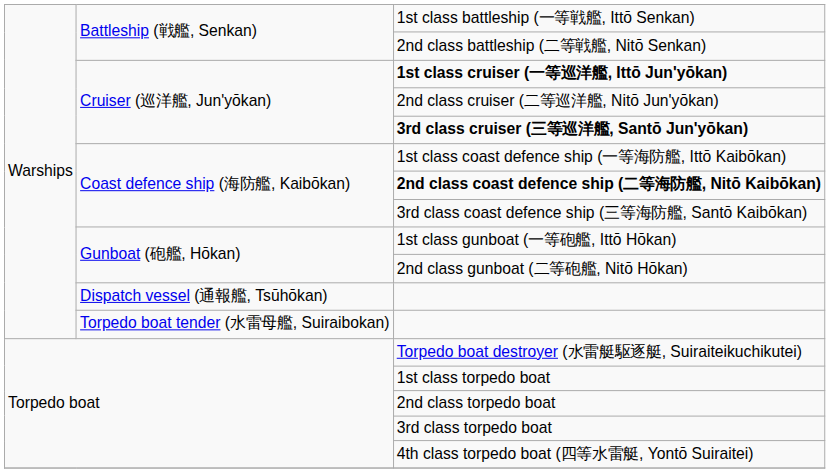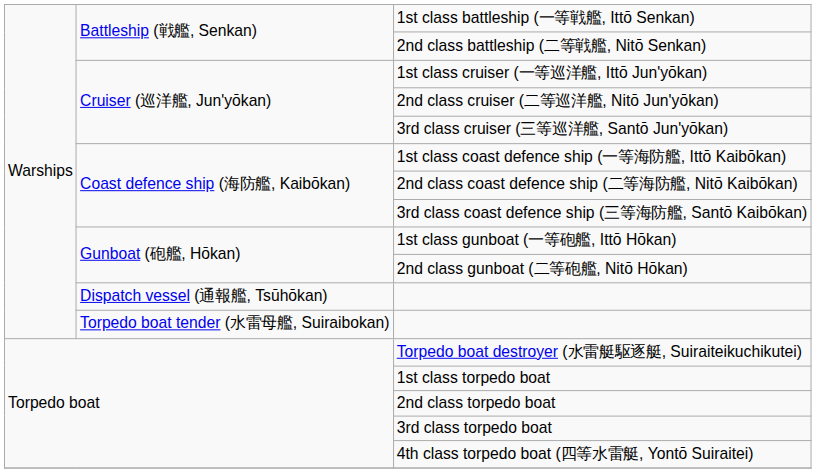 <table class="wikitable">
 <tr>
 <td rowspan="12">Warships</td>
 <td rowspan="2"><a href='#'>Battleship</a> (戦艦, Senkan)</td>
 <td>1st class battleship (一等戦艦, Ittō Senkan)</td>
 </tr>
 <tr>
 <td>2nd class battleship (二等戦艦, Nitō Senkan)</td>
 </tr>
 <tr>
 <td rowspan="3"><a href='#'>Cruiser</a> (巡洋艦, Jun'yōkan)</td>
-<td><strong>1st class cruiser (一等巡洋艦, Ittō Jun'yōkan)</strong></td>
+<td>1st class cruiser (一等巡洋艦, Ittō Jun'yōkan)</td>
 </tr>
 <tr>
 <td>2nd class cruiser (二等巡洋艦, Nitō Jun'yōkan)</td>
 </tr>
 <tr>
-<td><strong>3rd class cruiser (三等巡洋艦, Santō Jun'yōkan)</strong></td>
+<td>3rd class cruiser (三等巡洋艦, Santō Jun'yōkan)</td>
 </tr>
 <tr>
 <td rowspan="3"><a href='#'>Coast defence ship</a> (海防艦, Kaibōkan)</td>
 <td>1st class coast defence ship (一等海防艦, Ittō Kaibōkan)</td>
 </tr>
 <tr>
-<td><strong>2nd class coast defence ship (二等海防艦, Nitō Kaibōkan)</strong></td>
+<td>2nd class coast defence ship (二等海防艦, Nitō Kaibōkan)</td>
 </tr>
 <tr>
 <td>3rd class coast defence ship (三等海防艦, Santō Kaibōkan)</td>
 </tr>
 <tr>
 <td rowspan="2"><a href='#'>Gunboat</a> (砲艦, Hōkan)</td>
 <td>1st class gunboat (一等砲艦, Ittō Hōkan)</td>
 </tr>
 <tr>
 <td>2nd class gunboat (二等砲艦, Nitō Hōkan)</td>
 </tr>
 <tr>
 <td><a href='#'>Dispatch vessel</a> (通報艦, Tsūhōkan)</td>
 <td></td>
 </tr>
 <tr>
 <td><a href='#'>Torpedo boat tender</a> (水雷母艦, Suiraibokan)</td>
 <td></td>
 </tr>
 <tr>
 <td colspan="2" rowspan="5">Torpedo boat</td>
 <td><a href='#'>Torpedo boat destroyer</a> (水雷艇駆逐艇, Suiraiteikuchikutei)</td>
 </tr>
 <tr>
 <td>1st class torpedo boat</td>
 </tr>
 <tr>
 <td>2nd class torpedo boat</td>
 </tr>
 <tr>
 <td>3rd class torpedo boat</td>
 </tr>
 <tr>
 <td>4th class torpedo boat (四等水雷艇, Yontō Suiraitei)</td>
 </tr>
 <tr>
 </tr>
 </table>
